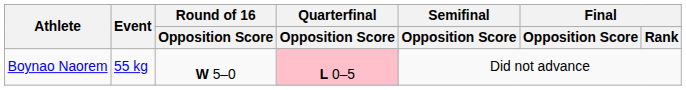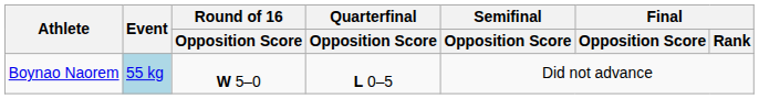 <table class=wikitable style="text-align:center; font-size:90%">
 <tr>
 <th rowspan="2">Athlete</th>
 <th rowspan="2">Event</th>
 <th>Round of 16</th>
 <th>Quarterfinal</th>
 <th>Semifinal</th>
 <th colspan="2">Final</th>
 </tr>
 <tr>
 <th>Opposition Score</th>
 <th>Opposition Score</th>
 <th>Opposition Score</th>
 <th>Opposition Score</th>
 <th>Rank</th>
 </tr>
 <tr>
 <td align=left><a href='#'>Boynao Naorem</a></td>
-<td align=left><a href='#'>55 kg</a></td>
+<td align=left style="background: lightblue;"><a href='#'>55 kg</a></td>
 <td><br><strong>W</strong> 5–0</td>
-<td style="background: pink;"><br> <strong>L</strong> 0–5</td>
+<td><br> <strong>L</strong> 0–5</td>
 <td colspan="3">Did not advance</td>
 </tr>
 </table>
